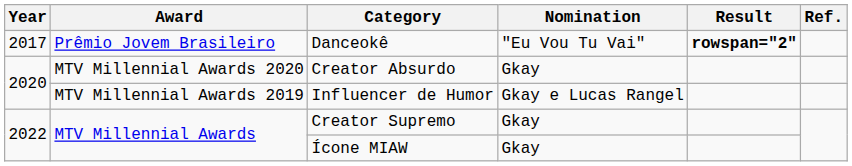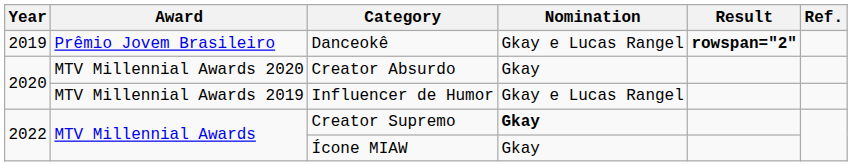 <table class="wikitable">
 <tr>
 <th>Year</th>
 <th>Award</th>
 <th>Category</th>
 <th>Nomination</th>
 <th>Result</th>
 <th>Ref.</th>
 </tr>
 <tr>
-<td>2017</td>
+<td>2019</td>
 <td><a href='#'>Prêmio Jovem Brasileiro</a></td>
 <td>Danceokê</td>
-<td>"Eu Vou Tu Vai"</td>
+<td>Gkay e Lucas Rangel</td>
 <td><strong>rowspan="2" </strong></td>
 <td></td>
 </tr>
 <tr>
 <td rowspan="2">2020</td>
 <td>MTV Millennial Awards 2020</td>
 <td>Creator Absurdo</td>
 <td>Gkay</td>
 <td></td>
 </tr>
 <tr>
 <td>MTV Millennial Awards 2019</td>
 <td>Influencer de Humor</td>
 <td>Gkay e Lucas Rangel</td>
 <td></td>
 <td></td>
 </tr>
 <tr>
 <td rowspan="2">2022</td>
 <td rowspan="2"><a href='#'>MTV Millennial Awards</a></td>
 <td>Creator Supremo</td>
-<td>Gkay</td>
+<td><strong>Gkay</strong></td>
 <td></td>
 <td rowspan="2"></td>
 </tr>
 <tr>
 <td>Ícone MIAW</td>
 <td>Gkay</td>
 <td></td>
 </tr>
 </table>
